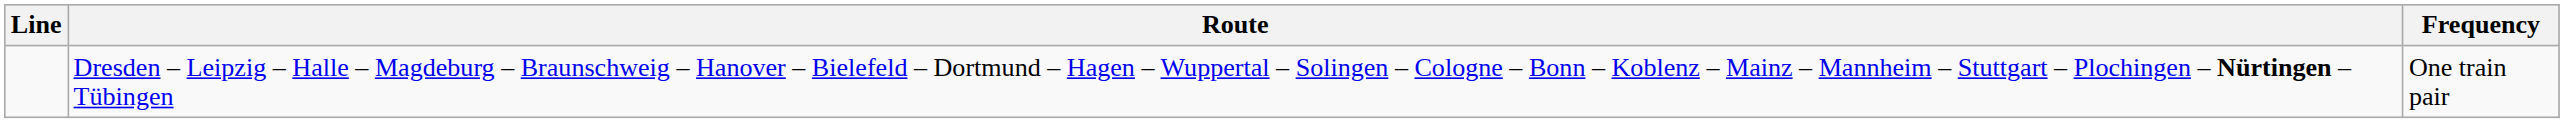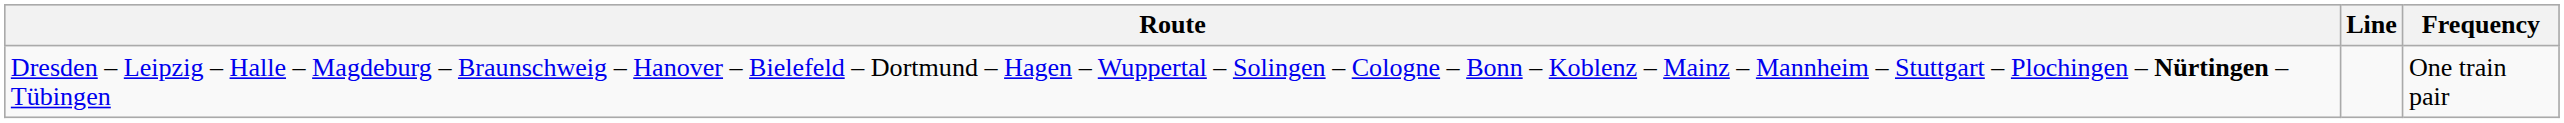 <table class="wikitable">
 <tr>
+<th>Route</th>
 <th>Line</th>
-<th>Route</th>
 <th>Frequency</th>
 </tr>
 <tr>
+<td><a href='#'>Dresden</a> – <a href='#'>Leipzig</a> – <a href='#'>Halle</a> – <a href='#'>Magdeburg</a> – <a href='#'>Braunschweig</a> – <a href='#'>Hanover</a> – <a href='#'>Bielefeld</a> – Dortmund – <a href='#'>Hagen</a> – <a href='#'>Wuppertal</a> – <a href='#'>Solingen</a> – <a href='#'>Cologne</a> – <a href='#'>Bonn</a> – <a href='#'>Koblenz</a> – <a href='#'>Mainz</a> – <a href='#'>Mannheim</a> – <a href='#'>Stuttgart</a> – <a href='#'>Plochingen</a> – <strong>Nürtingen</strong> – <a href='#'>Tübingen</a></td>
 <td lign="center"></td>
-<td><a href='#'>Dresden</a> – <a href='#'>Leipzig</a> – <a href='#'>Halle</a> – <a href='#'>Magdeburg</a> – <a href='#'>Braunschweig</a> – <a href='#'>Hanover</a> – <a href='#'>Bielefeld</a> – Dortmund – <a href='#'>Hagen</a> – <a href='#'>Wuppertal</a> – <a href='#'>Solingen</a> – <a href='#'>Cologne</a> – <a href='#'>Bonn</a> – <a href='#'>Koblenz</a> – <a href='#'>Mainz</a> – <a href='#'>Mannheim</a> – <a href='#'>Stuttgart</a> – <a href='#'>Plochingen</a> – <strong>Nürtingen</strong> – <a href='#'>Tübingen</a></td>
 <td>One train pair</td>
 </tr>
 </table>
